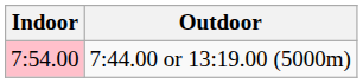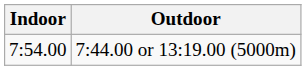 <table class="wikitable" border="1" align="upright">
 <tr>
 <th>Indoor</th>
 <th>Outdoor</th>
 </tr>
 <tr>
-<td style="background: pink;">7:54.00</td>
+<td>7:54.00</td>
 <td>7:44.00 or 13:19.00 (5000m)</td>
 </tr>
 </table>
